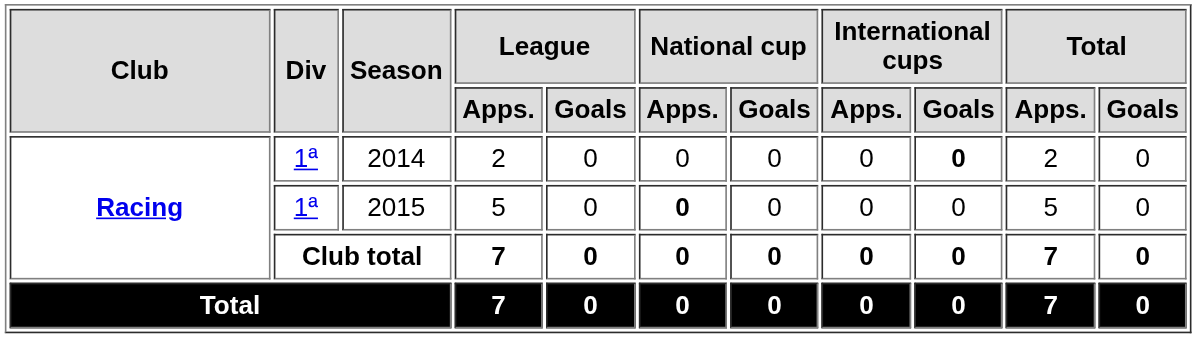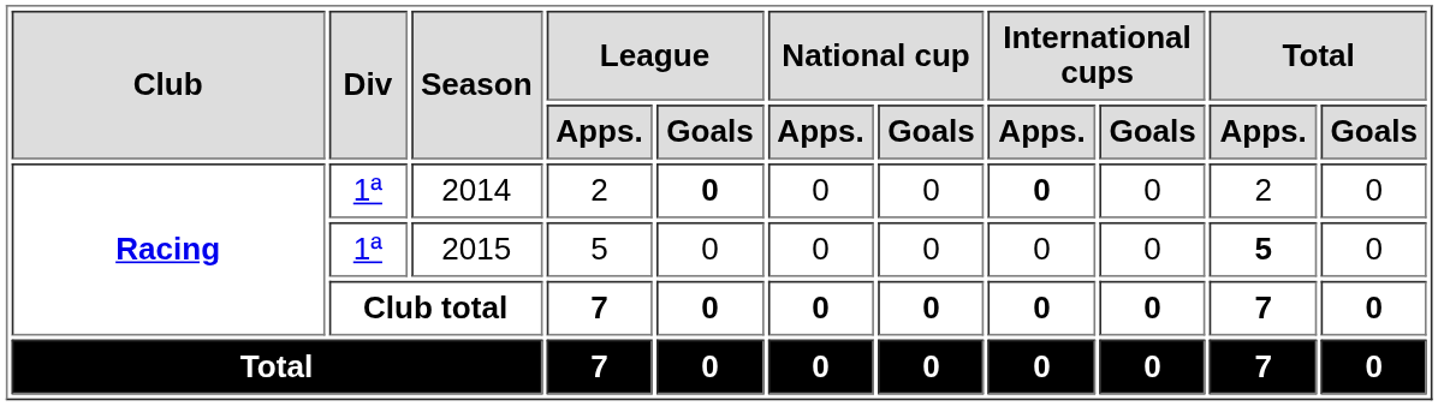 <table style="text-align: center;" border=1 align=center cellpadding=4 cellspacing=2 style="background: #F9F9F9; font-size: 95%; border: 1px #aaaaaa solid; border-collapse: collapse; clear:center">
 <tr style="background:#DDDDDD">
 <th rowspan="2" width=150px>Club</th>
 <th rowspan="2" width=30px>Div</th>
 <th rowspan="2" width=50px>Season</th>
 <th colspan="2">League</th>
 <th colspan="2">National cup</th>
 <th colspan="2">International cups</th>
 <th colspan="2">Total</th>
 </tr>
 <tr style="background:#DDDDDD">
 <th width=30px>Apps.</th>
 <th width=30px>Goals</th>
 <th width=30px>Apps.</th>
 <th width=30px>Goals</th>
 <th width=30px>Apps.</th>
 <th width=30px>Goals</th>
 <th width=30px>Apps.</th>
 <th width=30px>Goals</th>
 </tr>
 <tr style="text-align: center;">
 <td rowspan=3 valign="center"><strong><a href='#'>Racing</a></strong><br><small></small></td>
 <td rowspan=1 valign="center"><a href='#'>1ª</a></td>
 <td>2014</td>
 <td>2</td>
-<td>0</td>
-<td>0</td>
+<td><strong>0</strong></td>
 <td>0</td>
 <td>0</td>
 <td><strong>0</strong></td>
+<td>0</td>
 <td>2</td>
 <td>0</td>
 </tr>
 <tr style="text-align: center;">
 <td rowspan=1 valign="center"><a href='#'>1ª</a></td>
 <td>2015</td>
 <td>5</td>
 <td>0</td>
-<td><strong>0</strong></td>
 <td>0</td>
 <td>0</td>
 <td>0</td>
-<td>5</td>
+<td>0</td>
+<td><strong>5</strong></td>
 <td>0</td>
 </tr>
 <tr style="text-align: center;" style="background:#DDDDDD">
 <th colspan=2>Club total</th>
 <th>7</th>
 <th>0</th>
 <th>0</th>
 <th>0</th>
 <th>0</th>
 <th>0</th>
 <th>7</th>
 <th>0</th>
 </tr>
 <tr align=center bgcolor=000000 style="color: white;">
 <th colspan="3" valign="center"><strong>Total</strong></th>
 <th>7</th>
 <th>0</th>
 <th>0</th>
 <th>0</th>
 <th>0</th>
 <th>0</th>
 <th>7</th>
 <th>0</th>
 </tr>
 </table>
